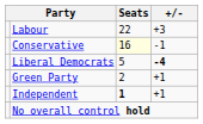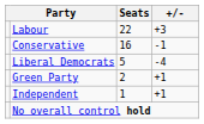 <table class="wikitable">
 <tr>
 <th colspan="2">Party</th>
 <th>Seats</th>
 <th>  +/-  </th>
 </tr>
 <tr>
 <td style="background-color: "></td>
 <td><a href='#'>Labour</a></td>
 <td>22</td>
 <td>+3</td>
 </tr>
 <tr>
 <td style="background-color: "></td>
 <td><a href='#'>Conservative</a></td>
-<td style="background: lightyellow;">16</td>
+<td>16</td>
 <td>-1</td>
 </tr>
 <tr>
 <td style="background-color: "></td>
 <td><a href='#'>Liberal Democrats</a></td>
 <td>5</td>
-<td><strong>-4</strong></td>
+<td>-4</td>
 </tr>
 <tr>
 <td style="background-color: "></td>
 <td><a href='#'>Green Party</a></td>
 <td>2</td>
 <td>+1</td>
 </tr>
 <tr>
 <td style="background-color: "></td>
 <td><a href='#'>Independent</a></td>
-<td><strong>1</strong></td>
+<td>1</td>
 <td>+1 </td>
 </tr>
 <tr>
 <td style="background-color: "></td>
 <td colspan="3"><a href='#'>No overall control</a> <strong>hold</strong></td>
 </tr>
 </table>
